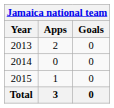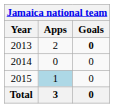 <table class="wikitable" style="text-align:center">
 <tr>
 <th colspan=3><a href='#'>Jamaica national team</a></th>
 </tr>
 <tr>
 <th>Year</th>
 <th>Apps</th>
 <th>Goals</th>
 </tr>
 <tr>
 <td>2013</td>
 <td>2</td>
-<td>0</td>
+<td><strong>0</strong></td>
 </tr>
 <tr>
 <td>2014</td>
 <td>0</td>
 <td>0</td>
 </tr>
 <tr>
 <td>2015</td>
-<td>1</td>
+<td style="background: lightblue;">1</td>
 <td>0</td>
 </tr>
 <tr>
 <th>Total</th>
 <th>3</th>
 <th>0</th>
 </tr>
 </table>
